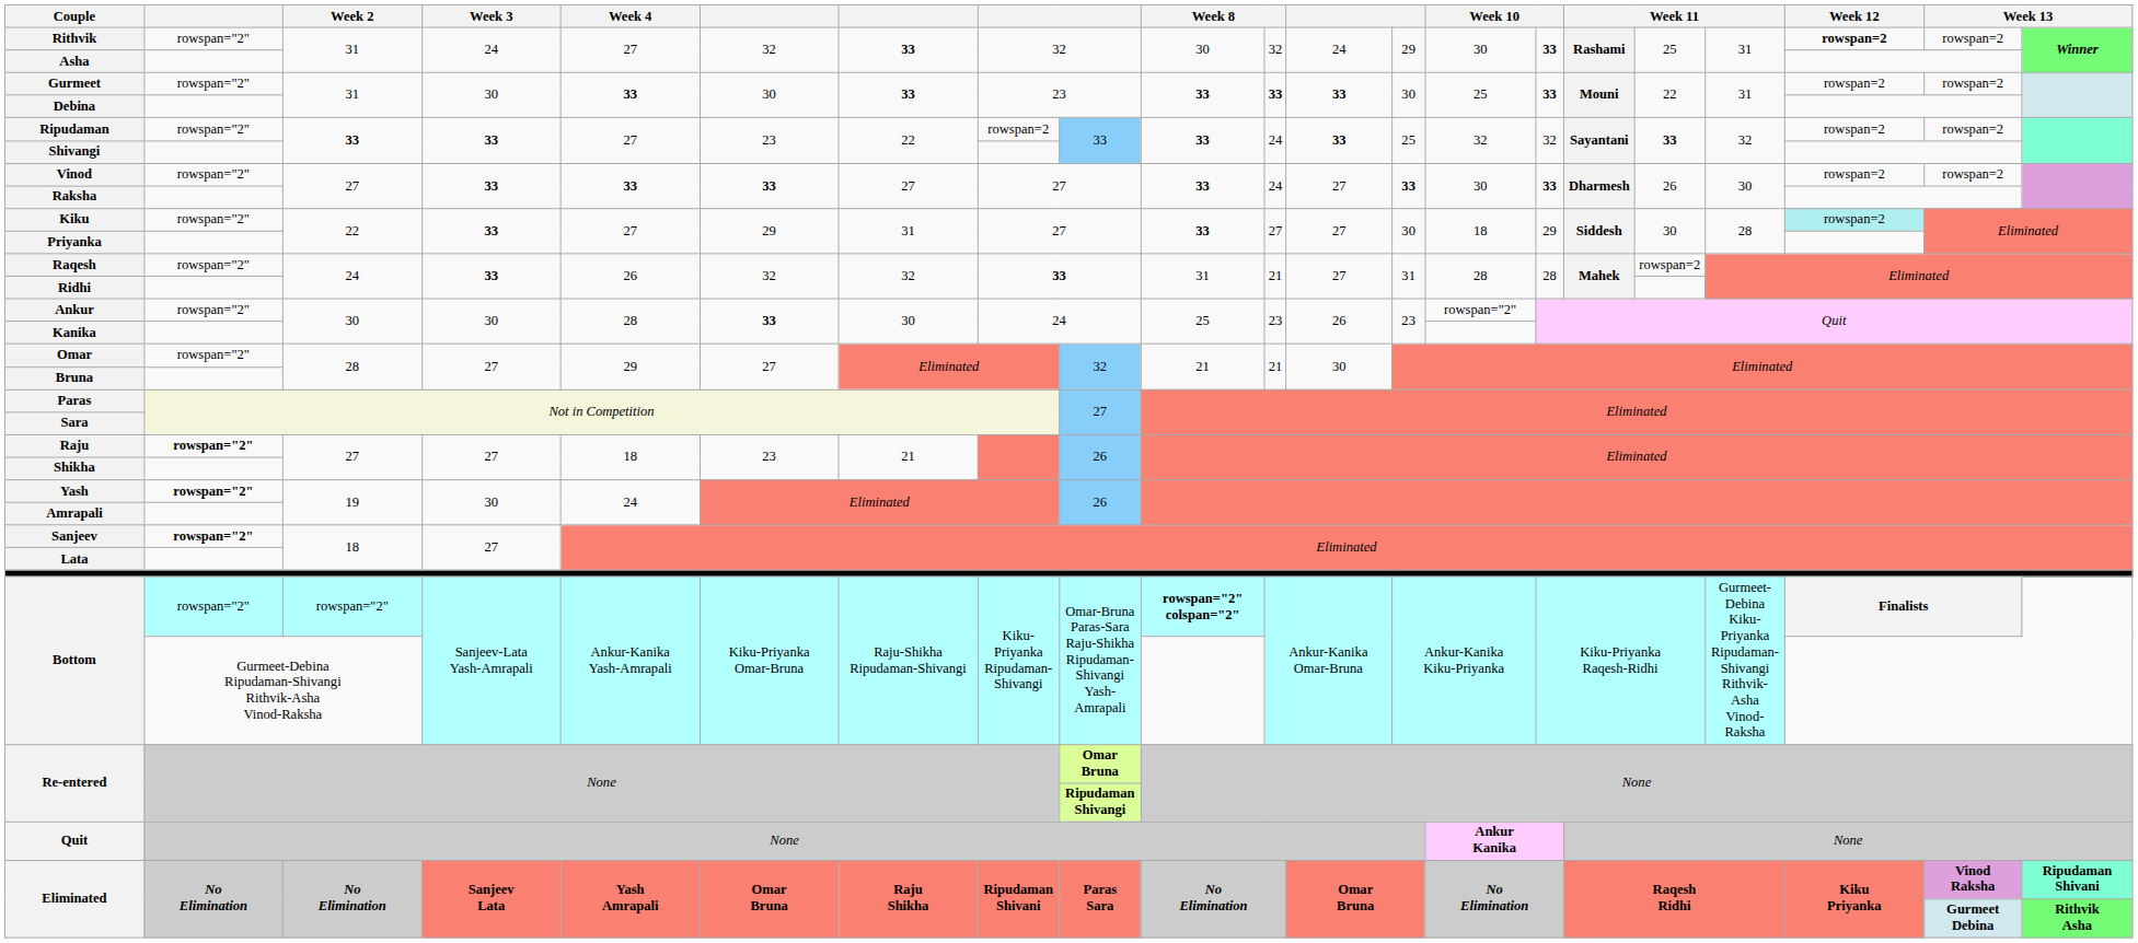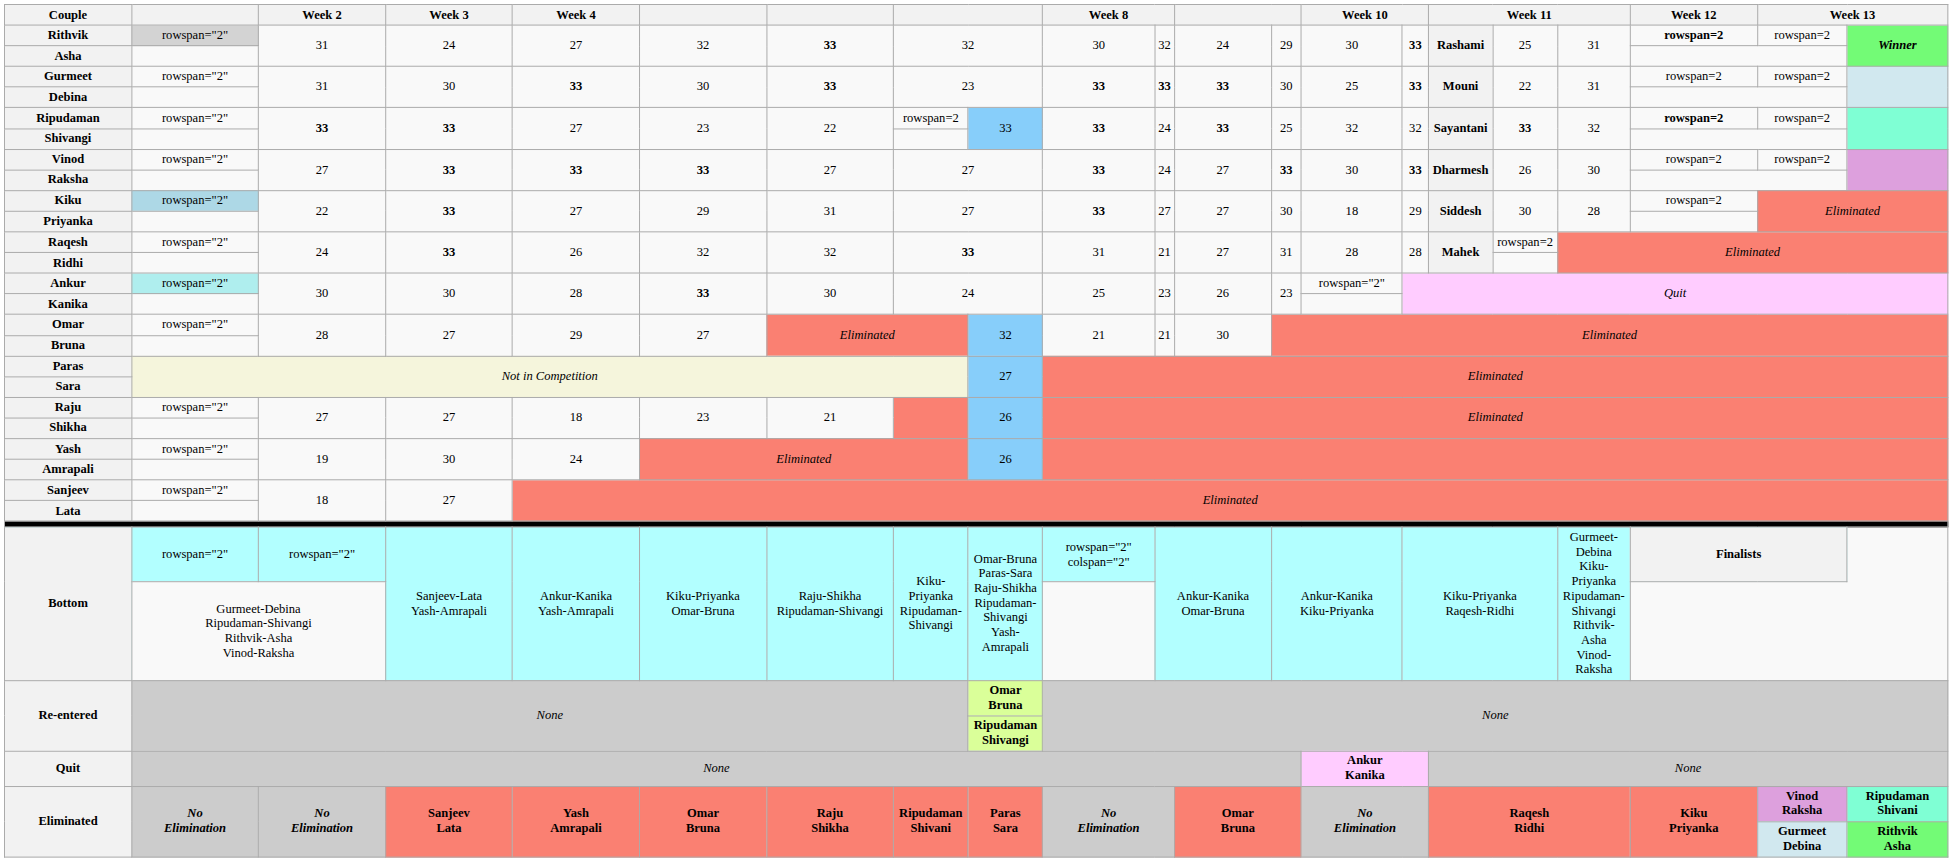 <table class="wikitable " style="text-align:center; width:100%; font-size:80%; line-height:15px;">
 <tr>
 <th style="width: 6%;">Couple</th>
 <th style="width: 6%;"></th>
 <th style="width: 6%;">Week 2</th>
 <th style="width: 6%;">Week 3</th>
 <th style="width: 6%;">Week 4</th>
 <th style="width: 6%;"></th>
 <th style="width: 6%;"></th>
 <th colspan="2" style="width: 6%;"></th>
 <th colspan="2" style="width: 6%;">Week 8</th>
 <th colspan="2" style="width: 6%;"></th>
 <th colspan="2" style="width: 6%;">Week 10</th>
 <th colspan="3" style="width:6%; white-space:nowrap;">Week 11</th>
 <th style="width: 6%;">Week 12</th>
 <th colspan="2" style="width:9%; white-space:nowrap;">Week 13</th>
 </tr>
 <tr>
 <th>Rithvik</th>
-<td>rowspan="2" </td>
+<td style="background: lightgrey;">rowspan="2" </td>
 <td rowspan="2">31</td>
 <td rowspan=2><span>24</span></td>
 <td rowspan=2>27</td>
 <td rowspan=2>32</td>
 <td rowspan=2><span><strong>33</strong></span></td>
 <td colspan="2" rowspan="2">32</td>
 <td rowspan=2>30</td>
 <td rowspan="2">32</td>
 <td rowspan=2><span>24</span></td>
 <td rowspan=2>29</td>
 <td rowspan=2>30</td>
 <td rowspan="2"><span><strong>33</strong></span></td>
 <th rowspan="2">Rashami</th>
 <td rowspan="2">25</td>
 <td rowspan="2">31</td>
 <td><strong>rowspan=2 </strong></td>
 <td>rowspan=2 </td>
 <td rowspan="2" style="background:#73FB76;"><strong><em>Winner</em></strong></td>
 </tr>
 <tr>
 <th>Asha</th>
 </tr>
 <tr>
 <th>Gurmeet</th>
 <td>rowspan="2" </td>
 <td rowspan="2">31</td>
 <td rowspan=2>30</td>
 <td rowspan=2><span><strong>33</strong></span></td>
 <td rowspan=2>30</td>
 <td rowspan=2><span><strong>33</strong></span></td>
 <td colspan="2" rowspan="2"><span>23</span></td>
 <td rowspan=2><span><strong>33</strong></span></td>
 <td rowspan="2"><span><strong>33</strong></span></td>
 <td rowspan="2"><span><strong>33</strong></span></td>
 <td rowspan=2>30</td>
 <td rowspan=2>25</td>
 <td rowspan="2"><span><strong>33</strong></span></td>
 <th rowspan="2">Mouni</th>
 <td rowspan="2"><span>22</span></td>
 <td rowspan="2">31</td>
 <td>rowspan=2 </td>
 <td>rowspan=2 </td>
 <td rowspan="2" style="background:#D1E8EF;"><strong><em></em></strong></td>
 </tr>
 <tr>
 <th>Debina</th>
 </tr>
 <tr>
 <th>Ripudaman</th>
 <td>rowspan="2" </td>
 <td rowspan="2"><span><strong>33</strong></span></td>
 <td rowspan=2><span><strong>33</strong></span></td>
 <td rowspan=2>27</td>
 <td rowspan=2><span>23</span></td>
 <td rowspan=2>22</td>
 <td>rowspan=2 </td>
 <td rowspan="2" style="background:#87CEFA;">33</td>
 <td rowspan="2"><span><strong>33</strong></span></td>
 <td rowspan="2">24</td>
 <td rowspan="2"><span><strong>33</strong></span></td>
 <td rowspan=2>25</td>
 <td rowspan=2>32</td>
 <td rowspan="2">32</td>
 <th rowspan="2">Sayantani</th>
 <td rowspan="2"><span><strong>33</strong></span></td>
 <td rowspan="2">32</td>
-<td>rowspan=2 </td>
+<td><strong>rowspan=2 </strong></td>
 <td>rowspan=2 </td>
 <td rowspan="2" style="background:#7FFFD4;"><strong><em></em></strong></td>
 </tr>
 <tr>
 <th>Shivangi</th>
 </tr>
 <tr>
 <th>Vinod</th>
 <td>rowspan="2" </td>
 <td rowspan="2">27</td>
 <td rowspan="2"><span><strong>33</strong></span></td>
 <td rowspan="2"><span><strong>33</strong></span></td>
 <td rowspan="2"><span><strong>33</strong></span></td>
 <td rowspan="2">27</td>
 <td colspan="2" rowspan="2">27</td>
 <td rowspan="2"><span><strong>33</strong></span></td>
 <td rowspan="2">24</td>
 <td rowspan="2">27</td>
 <td rowspan="2"><span><strong>33</strong></span></td>
 <td rowspan="2">30</td>
 <td rowspan="2"><span><strong>33</strong></span></td>
 <th rowspan="2">Dharmesh</th>
 <td rowspan="2">26</td>
 <td rowspan="2">30</td>
 <td>rowspan=2 </td>
 <td>rowspan=2 </td>
 <td rowspan="2" style="background:#DDA0DD;"><strong><em></em></strong></td>
 </tr>
 <tr>
 <th>Raksha</th>
 </tr>
 <tr>
 <th>Kiku</th>
-<td>rowspan="2" </td>
+<td style="background: lightblue;">rowspan="2" </td>
 <td rowspan="2">22</td>
 <td rowspan="2"><span><strong>33</strong></span></td>
 <td rowspan="2">27</td>
 <td rowspan="2">29</td>
 <td rowspan="2">31</td>
 <td colspan="2" rowspan="2">27</td>
 <td rowspan="2"><span><strong>33</strong></span></td>
 <td rowspan="2">27</td>
 <td rowspan="2">27</td>
 <td rowspan="2">30</td>
 <td rowspan=2><span>18</span></td>
 <td rowspan="2">29</td>
 <th rowspan="2">Siddesh</th>
 <td rowspan="2">30</td>
 <td rowspan="2"><span>28</span></td>
-<td style="background: paleturquoise;">rowspan=2 </td>
+<td>rowspan=2 </td>
 <td colspan="2" rowspan="2" style="background:salmon; text-align:center;"><em>Eliminated</em></td>
 </tr>
 <tr>
 <th>Priyanka</th>
 </tr>
 <tr>
 <th>Raqesh</th>
 <td>rowspan="2" </td>
 <td rowspan="2">24</td>
 <td rowspan=2><span><strong>33</strong></span></td>
 <td rowspan=2>26</td>
 <td rowspan=2>32</td>
 <td rowspan="2">32</td>
 <td colspan="2" rowspan="2"><span><strong>33</strong></span></td>
 <td rowspan=2>31</td>
 <td rowspan="2"><span>21</span></td>
 <td rowspan=2>27</td>
 <td rowspan="2">31</td>
 <td rowspan=2>28</td>
 <td rowspan="2"><span>28</span></td>
 <th rowspan="2">Mahek</th>
 <td>rowspan=2 </td>
 <td colspan="4" rowspan="2" style="background:salmon; text-align:center;"><em>Eliminated</em></td>
 </tr>
 <tr>
 <th>Ridhi</th>
 </tr>
 <tr>
 <th>Ankur</th>
-<td>rowspan="2" </td>
+<td style="background: paleturquoise;">rowspan="2" </td>
 <td rowspan="2">30</td>
 <td rowspan=2>30</td>
 <td rowspan=2>28</td>
 <td rowspan=2><span><strong>33</strong></span></td>
 <td rowspan=2>30</td>
 <td colspan="2" rowspan="2">24</td>
 <td rowspan=2>25</td>
 <td rowspan="2">23</td>
 <td rowspan="2">26</td>
 <td rowspan=2><span>23</span></td>
 <td>rowspan="2" </td>
 <td colspan="7" rowspan="2" style="background:#fcf; text-align:center;"><em>Quit</em></td>
 </tr>
 <tr>
 <th>Kanika</th>
 </tr>
 <tr>
 <th>Omar</th>
 <td>rowspan="2" </td>
 <td rowspan="2">28</td>
 <td rowspan=2>27</td>
 <td rowspan=2>29</td>
 <td rowspan=2>27</td>
 <td rowspan=2 colspan=2 style="background:salmon; text-align:center;"><em>Eliminated</em></td>
 <td rowspan="2" style="background:#87CEFA;">32</td>
 <td rowspan="2"><span>21</span></td>
 <td rowspan="2"><span>21</span></td>
 <td rowspan="2">30</td>
 <td colspan="9" rowspan="2" style="background:salmon; text-align:center;"><em>Eliminated</em></td>
 </tr>
 <tr>
 <th>Bruna</th>
 </tr>
 <tr>
 <th>Paras</th>
 <td colspan="7" rowspan="2" style="background:beige; text-align:center;"><em>Not in Competition</em></td>
 <td rowspan="2" style="background:#87CEFA;">27</td>
 <td colspan="12" rowspan="2" style="background:salmon; text-align:center;"><em>Eliminated</em></td>
 </tr>
 <tr>
 <th>Sara</th>
 </tr>
 <tr>
 <th>Raju</th>
-<td><strong>rowspan="2" </strong></td>
+<td>rowspan="2" </td>
 <td rowspan="2">27</td>
 <td rowspan="2">27</td>
 <td rowspan="2"><span>18</span></td>
 <td rowspan="2"><span>23</span></td>
 <td rowspan="2"><span>21</span></td>
 <td rowspan="2" style="background:salmon; text-align:center;"></td>
 <td rowspan="2" style="background:#87CEFA;">26</td>
 <td colspan="12" rowspan="2" style="background:salmon; text-align:center;"><em>Eliminated</em></td>
 </tr>
 <tr>
 <th>Shikha</th>
 </tr>
 <tr>
 <th>Yash</th>
-<td><strong>rowspan="2" </strong></td>
+<td>rowspan="2" </td>
 <td rowspan="2">19</td>
 <td rowspan=2>30</td>
 <td rowspan=2><span>24</span></td>
 <td colspan="3" rowspan="2" style="background:salmon; text-align:center;"><em>Eliminated</em></td>
 <td rowspan="2" style="background:#87CEFA;">26</td>
 <td colspan="12" rowspan="2" style="background:salmon; text-align:center;"></td>
 </tr>
 <tr>
 <th>Amrapali</th>
 </tr>
 <tr>
 <th>Sanjeev</th>
-<td><strong>rowspan="2" </strong></td>
+<td>rowspan="2" </td>
 <td rowspan="2"><span>18</span></td>
 <td rowspan="2">27</td>
 <td colspan="17" rowspan="2" style="background:salmon; text-align:center;"><em>Eliminated</em></td>
 </tr>
 <tr>
 <th>Lata</th>
 </tr>
 <tr>
 <th colspan="21" style="background:#000;"></th>
 </tr>
 <tr style="background:#B2FFFF" |>
 <th rowspan="2">Bottom</th>
 <td>rowspan="2" </td>
 <td>rowspan="2" </td>
 <td rowspan="2">Sanjeev-Lata<br>Yash-Amrapali</td>
 <td rowspan="2">Ankur-Kanika<br>Yash-Amrapali</td>
 <td rowspan="2">Kiku-Priyanka<br>Omar-Bruna</td>
 <td rowspan="2">Raju-Shikha<br>Ripudaman-Shivangi</td>
 <td rowspan="2">Kiku-Priyanka<br>Ripudaman-Shivangi</td>
 <td rowspan="2">Omar-Bruna<br>Paras-Sara<br>Raju-Shikha<br>Ripudaman-Shivangi<br>Yash-Amrapali</td>
-<td><strong>rowspan="2" colspan="2" </strong></td>
+<td>rowspan="2" colspan="2" </td>
 <td colspan="2" rowspan="2">Ankur-Kanika<br>Omar-Bruna</td>
 <td colspan="2" rowspan="2">Ankur-Kanika<br>Kiku-Priyanka</td>
 <td colspan="3" rowspan="2">Kiku-Priyanka<br>Raqesh-Ridhi</td>
 <td rowspan="2">Gurmeet-Debina<br>Kiku-Priyanka<br>Ripudaman-Shivangi<br>Rithvik-Asha<br>Vinod-Raksha</td>
 <th colspan="2">Finalists</th>
 </tr>
 <tr>
 <td colspan="2">Gurmeet-Debina<br>Ripudaman-Shivangi<br>Rithvik-Asha<br>Vinod-Raksha</td>
 </tr>
 <tr>
 <th rowspan=2>Re-entered</th>
 <td rowspan=2 colspan="7" style="background:#ccc;"><em>None</em></td>
 <td style="background:#DAFF99;"><strong>Omar<br>Bruna</strong></td>
 <td rowspan=2 colspan="12" style="background:#ccc;"><em>None</em></td>
 </tr>
 <tr>
 <td style="background:#DAFF99;"><strong>Ripudaman<br>Shivangi</strong></td>
 </tr>
 <tr>
 <th>Quit</th>
 <td colspan="12" style="background:#ccc;"><em>None</em></td>
 <td colspan="2" style="background:#fcf; text-align:center;"><strong>Ankur <br> Kanika</strong></td>
 <td colspan="6" style="background:#ccc;"><em>None</em></td>
 </tr>
 <tr>
 <th rowspan="2">Eliminated</th>
 <td rowspan="2" style="background:#ccc; text-align:center;"><strong><em>No<br>Elimination</em></strong></td>
 <td rowspan="2" style="background:#ccc; text-align:center;"><strong><em>No<br>Elimination</em></strong></td>
 <td rowspan="2" style="background:salmon; text-align:center;"><strong>Sanjeev<br>Lata</strong></td>
 <td rowspan="2" style="background:salmon;"><strong>Yash<br>Amrapali</strong></td>
 <td rowspan="2" style="background:salmon; text-align:center;"><strong>Omar<br>Bruna</strong></td>
 <td rowspan="2" style="background:salmon; text-align:center;"><strong>Raju<br>Shikha</strong></td>
 <td rowspan="2" style="background:salmon; text-align:center;"><strong>Ripudaman<br>Shivani</strong></td>
 <td rowspan="2" style="background:salmon; text-align:center;"><strong>Paras<br>Sara</strong></td>
 <td colspan=2 rowspan="2" style="background:#ccc; text-align:center;"><strong><em>No<br>Elimination</em></strong></td>
 <td colspan=2 rowspan="2" style="background:salmon; text-align:center;"><strong>Omar<br>Bruna</strong></td>
 <td colspan="2" rowspan="2" style="background:#ccc; text-align:center;"><strong><em>No<br>Elimination </em></strong></td>
 <td colspan="3" rowspan="2" style="background:salmon; text-align:center;"><strong>Raqesh<br>Ridhi</strong></td>
 <td rowspan="2" style="background:salmon; text-align:center;"><strong>Kiku<br>Priyanka</strong></td>
 <td style="background:#DDA0DD;"><strong>Vinod <br> Raksha</strong></td>
 <td rowspan="1" style="background:#7FFFD4;"><strong>Ripudaman<br>Shivani</strong></td>
 </tr>
 <tr>
 <td rowspan="2" style="background:#D1E8EF;"><strong>Gurmeet<br>Debina</strong></td>
 <td colspan="1" rowspan="2" style="background:#73FB76;"><strong>Rithvik <br> Asha</strong></td>
 </tr>
 </table>
